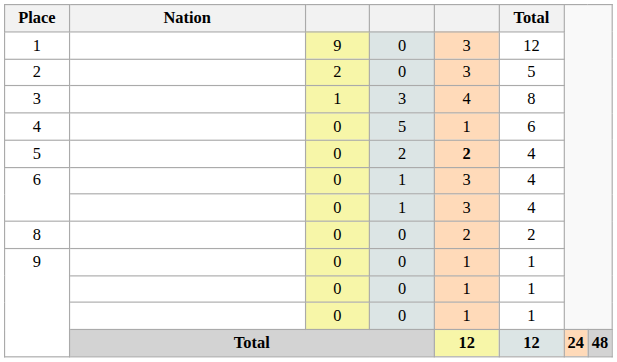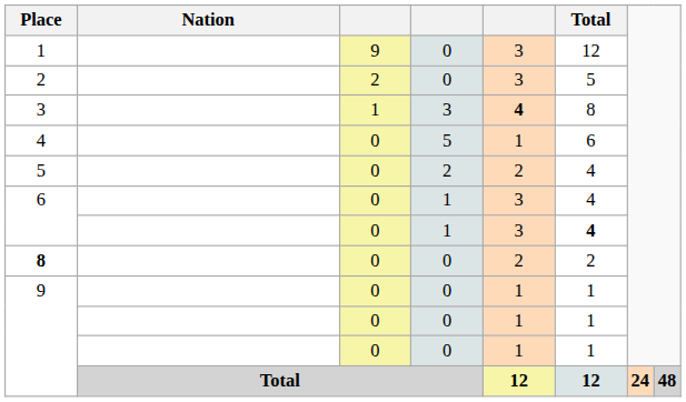 <table class=wikitable style="border:1px solid #AAAAAA;font-size:90%">
 <tr bgcolor="#EFEFEF">
 <th width=50>Place</th>
 <th width=200>Nation</th>
 <th width=50></th>
 <th width=50></th>
 <th width=50></th>
 <th width=50>Total</th>
 </tr>
 <tr align="center" valign="top" bgcolor="#FFFFFF">
 <td>1</td>
 <td align="left"></td>
 <td style="background:#F7F6A8;">9</td>
 <td style="background:#DCE5E5;">0</td>
 <td style="background:#FFDAB9;">3</td>
 <td>12</td>
 </tr>
 <tr align="center" valign="top" bgcolor="#FFFFFF">
 <td>2</td>
 <td align="left"></td>
 <td style="background:#F7F6A8;">2</td>
 <td style="background:#DCE5E5;">0</td>
 <td style="background:#FFDAB9;">3</td>
 <td>5</td>
 </tr>
 <tr align="center" valign="top" bgcolor="#FFFFFF">
 <td>3</td>
 <td align="left"></td>
 <td style="background:#F7F6A8;">1</td>
 <td style="background:#DCE5E5;">3</td>
-<td style="background:#FFDAB9;">4</td>
+<td style="background:#FFDAB9;"><strong>4</strong></td>
 <td>8</td>
 </tr>
 <tr align="center" valign="top" bgcolor="#FFFFFF">
 <td>4</td>
 <td align="left"></td>
 <td style="background:#F7F6A8;">0</td>
 <td style="background:#DCE5E5;">5</td>
 <td style="background:#FFDAB9;">1</td>
 <td>6</td>
 </tr>
 <tr align="center" valign="top" bgcolor="#FFFFFF">
 <td>5</td>
 <td align="left"></td>
 <td style="background:#F7F6A8;">0</td>
 <td style="background:#DCE5E5;">2</td>
-<td style="background:#FFDAB9;"><strong>2</strong></td>
+<td style="background:#FFDAB9;">2</td>
 <td>4</td>
 </tr>
 <tr align="center" valign="top" bgcolor="#FFFFFF">
 <td rowspan=2 valign="center">6</td>
 <td align="left"></td>
 <td style="background:#F7F6A8;">0</td>
 <td style="background:#DCE5E5;">1</td>
 <td style="background:#FFDAB9;">3</td>
 <td>4</td>
 </tr>
 <tr align="center" valign="top" bgcolor="#FFFFFF">
 <td align="left"></td>
 <td style="background:#F7F6A8;">0</td>
 <td style="background:#DCE5E5;">1</td>
 <td style="background:#FFDAB9;">3</td>
-<td>4</td>
+<td><strong>4</strong></td>
 </tr>
 <tr align="center" valign="top" bgcolor="#FFFFFF">
-<td>8</td>
+<td><strong>8</strong></td>
 <td align="left"></td>
 <td style="background:#F7F6A8;">0</td>
 <td style="background:#DCE5E5;">0</td>
 <td style="background:#FFDAB9;">2</td>
 <td>2</td>
 </tr>
 <tr align="center" valign="top" bgcolor="#FFFFFF">
 <td rowspan=4 valign="center">9</td>
 <td align="left"></td>
 <td style="background:#F7F6A8;">0</td>
 <td style="background:#DCE5E5;">0</td>
 <td style="background:#FFDAB9;">1</td>
 <td>1</td>
 </tr>
 <tr align="center" valign="top" bgcolor="#FFFFFF">
 <td align="left"></td>
 <td style="background:#F7F6A8;">0</td>
 <td style="background:#DCE5E5;">0</td>
 <td style="background:#FFDAB9;">1</td>
 <td>1</td>
 </tr>
 <tr align="center" valign="top" bgcolor="#FFFFFF">
 <td align="left"></td>
 <td style="background:#F7F6A8;">0</td>
 <td style="background:#DCE5E5;">0</td>
 <td style="background:#FFDAB9;">1</td>
 <td>1</td>
 </tr>
 <tr align="center" valign="top">
 <td colspan=3 bgcolor=D3D3D3><strong>Total</strong></td>
 <td style="background:#F7F6A8;"><strong>12</strong></td>
 <td style="background:#DCE5E5;"><strong>12</strong></td>
 <td style="background:#FFDAB9;"><strong>24</strong></td>
 <td bgcolor=D3D3D3><strong>48</strong></td>
 </tr>
 </table>
